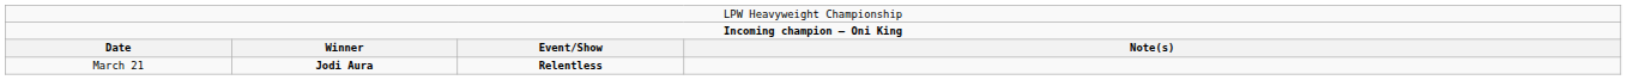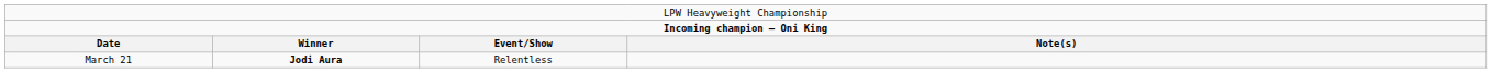 <table class="wikitable" style="text-align:center; width:100%;">
 <tr>
 <td colspan="4" style="text-align: center;">LPW Heavyweight Championship</td>
 </tr>
 <tr>
 <td colspan="4" style="text-align: center;"><strong>Incoming champion – Oni King</strong></td>
 </tr>
 <tr>
 <th width=14%>Date</th>
 <th width=14%>Winner</th>
 <th width=14%>Event/Show</th>
 <th width=58%>Note(s)</th>
 </tr>
 <tr>
 <td>March 21</td>
 <td><strong>Jodi Aura</strong></td>
-<td><strong>Relentless</strong></td>
+<td>Relentless</td>
 <td></td>
 </tr>
 </table>
